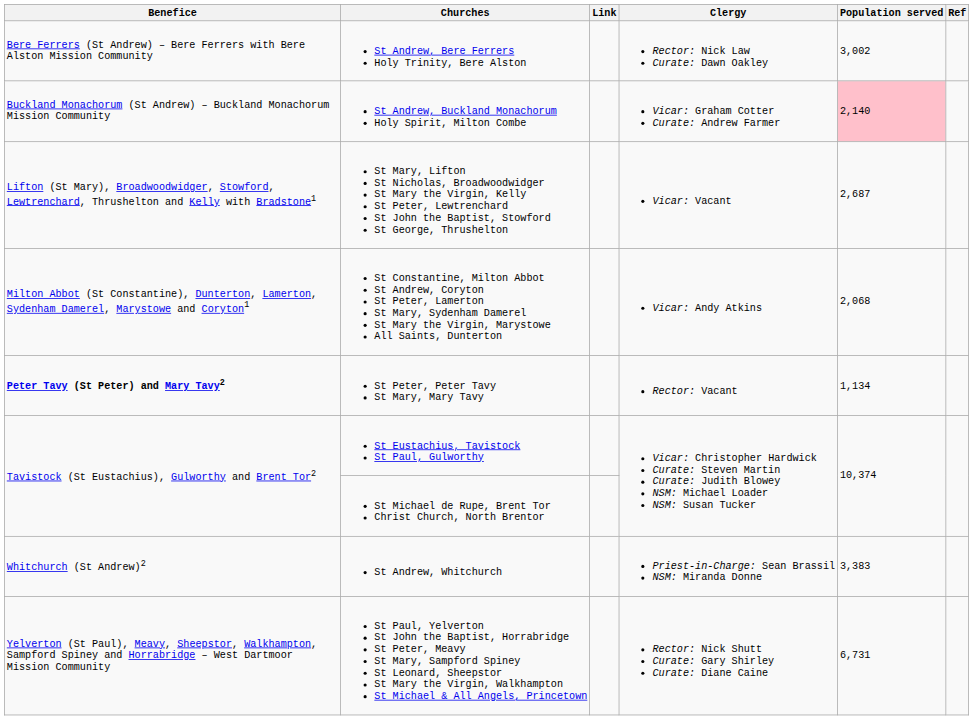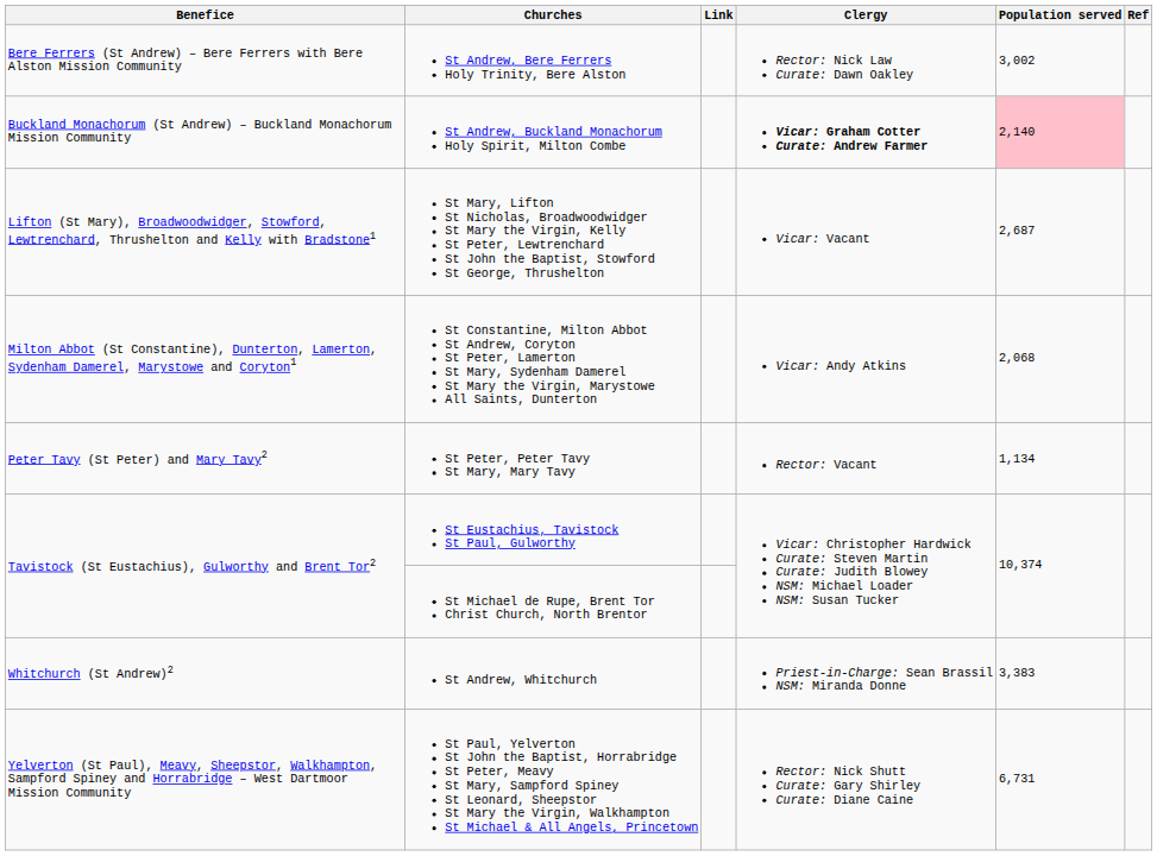 <table class="wikitable">
 <tr>
 <th width="425">Benefice</th>
 <th>Churches</th>
 <th>Link</th>
 <th>Clergy</th>
 <th>Population served</th>
 <th>Ref</th>
 </tr>
 <tr>
 <td><a href='#'>Bere Ferrers</a> (St Andrew) – Bere Ferrers with Bere Alston Mission Community</td>
 <td><br><ul><li><a href='#'>St Andrew, Bere Ferrers</a></li><li>Holy Trinity, Bere Alston</li></ul></td>
 <td></td>
 <td><br><ul><li><em>Rector:</em> Nick Law</li><li><em>Curate:</em> Dawn Oakley</li></ul></td>
 <td>3,002</td>
 <td></td>
 </tr>
 <tr>
 <td><a href='#'>Buckland Monachorum</a> (St Andrew) – Buckland Monachorum Mission Community</td>
 <td><br><ul><li><a href='#'>St Andrew, Buckland Monachorum</a></li><li>Holy Spirit, Milton Combe</li></ul></td>
 <td></td>
-<td><br><ul><li><em>Vicar:</em> Graham Cotter</li><li><em>Curate:</em> Andrew Farmer</li></ul></td>
+<td><strong><br><ul><li><em>Vicar:</em> Graham Cotter</li><li><em>Curate:</em> Andrew Farmer</li></ul></strong></td>
 <td style="background: pink;">2,140</td>
 <td></td>
 </tr>
 <tr>
 <td><a href='#'>Lifton</a> (St Mary), <a href='#'>Broadwoodwidger</a>, <a href='#'>Stowford</a>, <a href='#'>Lewtrenchard</a>, Thrushelton and <a href='#'>Kelly</a> with <a href='#'>Bradstone</a><sup>1</sup></td>
 <td><br><ul><li>St Mary, Lifton</li><li>St Nicholas, Broadwoodwidger</li><li>St Mary the Virgin, Kelly</li><li>St Peter, Lewtrenchard</li><li>St John the Baptist, Stowford</li><li>St George, Thrushelton</li></ul></td>
 <td></td>
 <td><br><ul><li><em>Vicar:</em> Vacant</li></ul></td>
 <td>2,687</td>
 <td></td>
 </tr>
 <tr>
 <td><a href='#'>Milton Abbot</a> (St Constantine), <a href='#'>Dunterton</a>, <a href='#'>Lamerton</a>, <a href='#'>Sydenham Damerel</a>, <a href='#'>Marystowe</a> and <a href='#'>Coryton</a><sup>1</sup></td>
 <td><br><ul><li>St Constantine, Milton Abbot</li><li>St Andrew, Coryton</li><li>St Peter, Lamerton</li><li>St Mary, Sydenham Damerel</li><li>St Mary the Virgin, Marystowe</li><li>All Saints, Dunterton</li></ul></td>
 <td></td>
 <td><br><ul><li><em>Vicar:</em> Andy Atkins</li></ul></td>
 <td>2,068</td>
 <td></td>
 </tr>
 <tr>
-<td><strong><a href='#'>Peter Tavy</a> (St Peter) and <a href='#'>Mary Tavy</a><sup>2</sup></strong></td>
+<td><a href='#'>Peter Tavy</a> (St Peter) and <a href='#'>Mary Tavy</a><sup>2</sup></td>
 <td><br><ul><li>St Peter, Peter Tavy</li><li>St Mary, Mary Tavy</li></ul></td>
 <td></td>
 <td><br><ul><li><em>Rector:</em> Vacant</li></ul></td>
 <td>1,134</td>
 <td></td>
 </tr>
 <tr>
 <td rowspan="2"><a href='#'>Tavistock</a> (St Eustachius), <a href='#'>Gulworthy</a> and <a href='#'>Brent Tor</a><sup>2</sup></td>
 <td><br><ul><li><a href='#'>St Eustachius, Tavistock</a></li><li><a href='#'>St Paul, Gulworthy</a></li></ul></td>
 <td></td>
 <td rowspan="2"><br><ul><li><em>Vicar:</em> Christopher Hardwick</li><li><em>Curate:</em> Steven Martin</li><li><em>Curate:</em> Judith Blowey</li><li><em>NSM:</em> Michael Loader</li><li><em>NSM:</em> Susan Tucker</li></ul></td>
 <td rowspan="2">10,374</td>
 <td rowspan="2"></td>
 </tr>
 <tr>
 <td><br><ul><li>St Michael de Rupe, Brent Tor</li><li>Christ Church, North Brentor</li></ul></td>
 <td></td>
 </tr>
 <tr>
 <td><a href='#'>Whitchurch</a> (St Andrew)<sup>2</sup></td>
 <td><br><ul><li>St Andrew, Whitchurch</li></ul></td>
 <td></td>
 <td><br><ul><li><em>Priest-in-Charge:</em> Sean Brassil</li><li><em>NSM:</em> Miranda Donne</li></ul></td>
 <td>3,383</td>
 <td></td>
 </tr>
 <tr>
 <td><a href='#'>Yelverton</a> (St Paul), <a href='#'>Meavy</a>, <a href='#'>Sheepstor</a>, <a href='#'>Walkhampton</a>, Sampford Spiney and <a href='#'>Horrabridge</a> – West Dartmoor Mission Community</td>
 <td><br><ul><li>St Paul, Yelverton</li><li>St John the Baptist, Horrabridge</li><li>St Peter, Meavy</li><li>St Mary, Sampford Spiney</li><li>St Leonard, Sheepstor</li><li>St Mary the Virgin, Walkhampton</li><li><a href='#'>St Michael & All Angels, Princetown</a></li></ul></td>
 <td></td>
 <td><br><ul><li><em>Rector:</em> Nick Shutt</li><li><em>Curate:</em> Gary Shirley</li><li><em>Curate:</em> Diane Caine</li></ul></td>
 <td>6,731</td>
 <td></td>
 </tr>
 </table>
